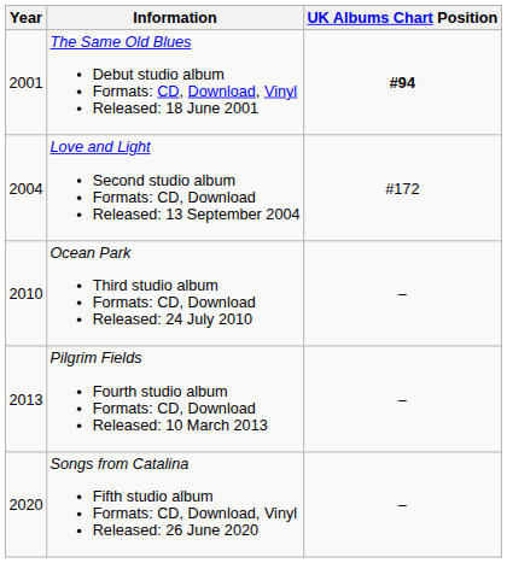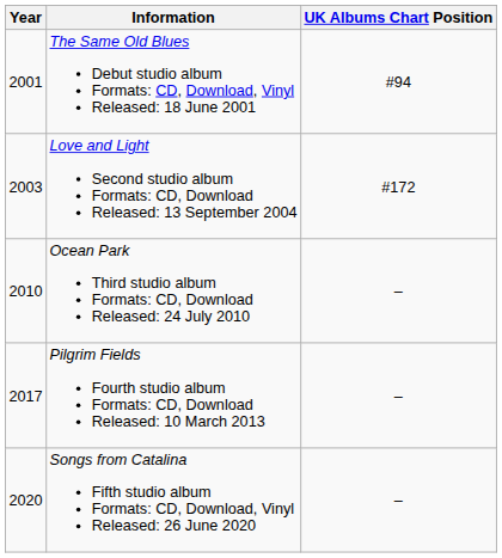 <table class="wikitable" style="font-size: 90%;">
 <tr>
 <th>Year</th>
 <th>Information</th>
 <th><a href='#'>UK Albums Chart</a> Position</th>
 </tr>
 <tr>
 <td>2001</td>
 <td><em><a href='#'>The Same Old Blues</a></em><br><ul><li>Debut studio album</li><li>Formats: <a href='#'>CD</a>, <a href='#'>Download</a>, <a href='#'>Vinyl</a></li><li>Released: 18 June 2001</li></ul></td>
-<td style="text-align: center;"><strong>#94</strong></td>
+<td style="text-align: center;">#94</td>
 </tr>
 <tr>
-<td>2004</td>
+<td>2003</td>
 <td><em><a href='#'>Love and Light</a></em><br><ul><li>Second studio album</li><li>Formats: CD, Download</li><li>Released: 13 September 2004</li></ul></td>
 <td style="text-align: center;">#172</td>
 </tr>
 <tr>
 <td>2010</td>
 <td><em>Ocean Park</em><br><ul><li>Third studio album</li><li>Formats: CD, Download</li><li>Released: 24 July 2010</li></ul></td>
 <td style="text-align: center;">–</td>
 </tr>
 <tr>
-<td>2013</td>
+<td>2017</td>
 <td><em>Pilgrim Fields</em><br><ul><li>Fourth studio album</li><li>Formats: CD, Download</li><li>Released: 10 March 2013</li></ul></td>
 <td style="text-align: center;">–</td>
 </tr>
 <tr>
 <td>2020</td>
 <td><em>Songs from Catalina</em><br><ul><li>Fifth studio album</li><li>Formats: CD, Download, Vinyl</li><li>Released: 26 June 2020</li></ul></td>
 <td style="text-align: center;">–</td>
 </tr>
 </table>
